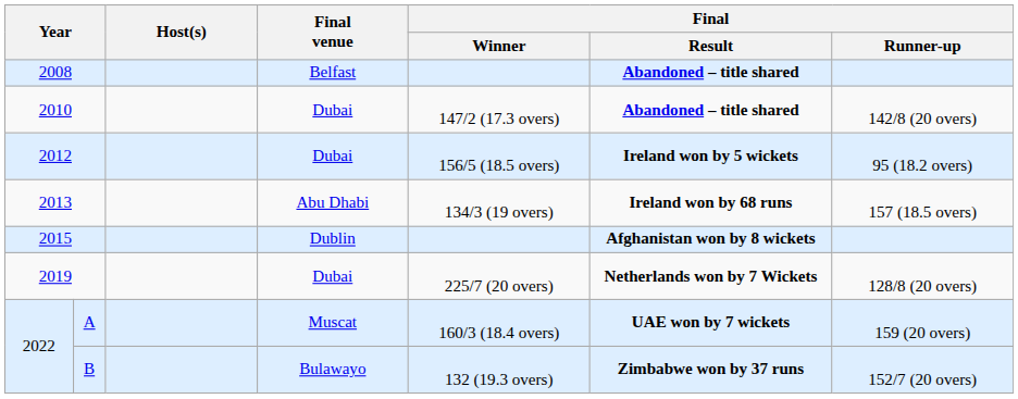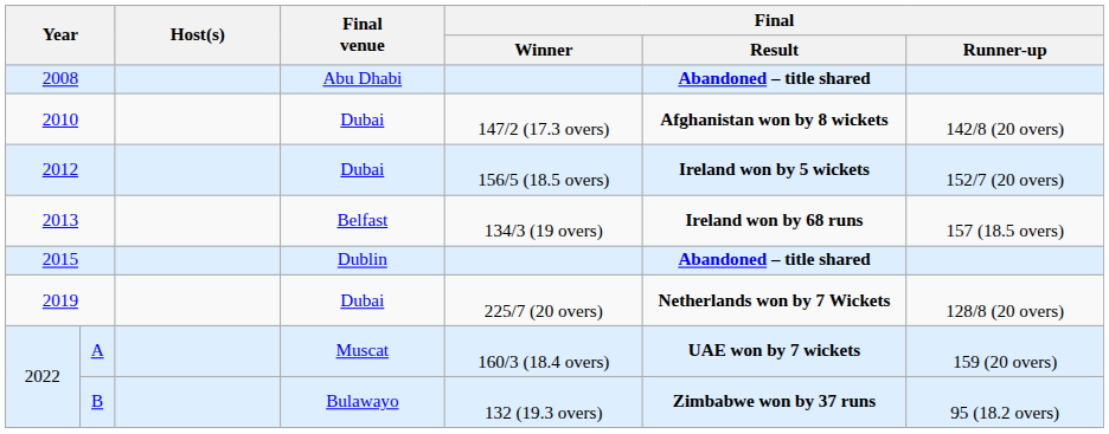 <table class="wikitable" style="font-size:90%; width: 100%; text-align: center;">
 <tr>
 <th colspan=2 rowspan=2 width=10%>Year</th>
 <th rowspan=2 width=15%>Host(s)</th>
 <th rowspan=2 width=15%>Final<br>venue</th>
 <th colspan=3>Final</th>
 </tr>
 <tr>
 <th width=18%>Winner</th>
 <th width=24%>Result</th>
 <th width=18%>Runner-up</th>
 </tr>
 <tr style="background:#ddeeff">
 <td colspan=2><a href='#'>2008</a></td>
 <td></td>
-<td><a href='#'>Belfast</a></td>
+<td><a href='#'>Abu Dhabi</a></td>
 <td><br></td>
 <td><strong><a href='#'>Abandoned</a> – title shared</strong><br></td>
 <td></td>
 </tr>
 <tr>
 <td colspan=2><a href='#'>2010</a></td>
 <td></td>
 <td><a href='#'>Dubai</a></td>
 <td><br>147/2 (17.3 overs)</td>
-<td><strong><a href='#'>Abandoned</a> – title shared</strong><br></td>
+<td><strong>Afghanistan won by 8 wickets</strong><br></td>
 <td><br>142/8 (20 overs)</td>
 </tr>
 <tr style="background:#ddeeff">
 <td colspan=2><a href='#'>2012</a></td>
 <td></td>
 <td><a href='#'>Dubai</a></td>
 <td><br>156/5 (18.5 overs)</td>
 <td><strong>Ireland won by 5 wickets</strong><br></td>
-<td><br>95 (18.2 overs)</td>
+<td><br>152/7 (20 overs)</td>
 </tr>
 <tr>
 <td colspan=2><a href='#'>2013</a></td>
 <td></td>
-<td><a href='#'>Abu Dhabi</a></td>
+<td><a href='#'>Belfast</a></td>
 <td><br>134/3 (19 overs)</td>
 <td><strong>Ireland won by 68 runs</strong><br></td>
 <td><br>157 (18.5 overs)</td>
 </tr>
 <tr style="background:#ddeeff">
 <td colspan=2><a href='#'>2015</a></td>
 <td><br></td>
 <td><a href='#'>Dublin</a></td>
 <td><br></td>
-<td><strong>Afghanistan won by 8 wickets</strong><br></td>
+<td><strong><a href='#'>Abandoned</a> – title shared</strong><br></td>
 <td></td>
 </tr>
 <tr>
 <td colspan=2><a href='#'>2019</a></td>
 <td></td>
 <td><a href='#'>Dubai</a></td>
 <td><br>225/7 (20 overs)</td>
 <td><strong>Netherlands won by 7 Wickets</strong><br></td>
 <td><br>128/8 (20 overs)</td>
 </tr>
 <tr style="background:#ddeeff">
 <td rowspan=2>2022</td>
 <td><a href='#'>A</a></td>
 <td></td>
 <td><a href='#'>Muscat</a></td>
 <td><br>160/3 (18.4 overs)</td>
 <td><strong>UAE won by 7 wickets</strong><br></td>
 <td><br>159 (20 overs)</td>
 </tr>
 <tr style="background:#ddeeff">
 <td><a href='#'>B</a></td>
 <td></td>
 <td><a href='#'>Bulawayo</a></td>
 <td><br>132 (19.3 overs)</td>
 <td><strong>Zimbabwe won by 37 runs</strong><br></td>
-<td><br>152/7 (20 overs)</td>
+<td><br>95 (18.2 overs)</td>
 </tr>
 </table>
